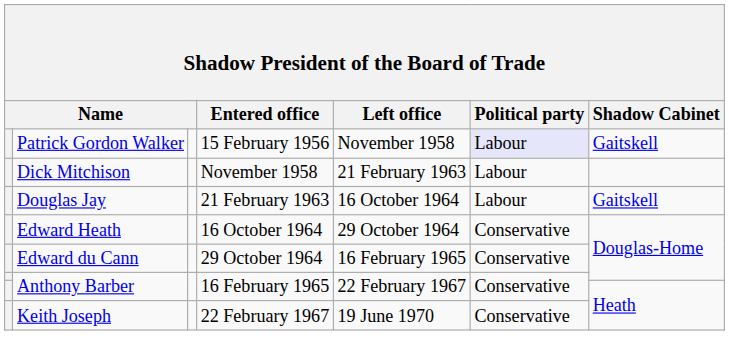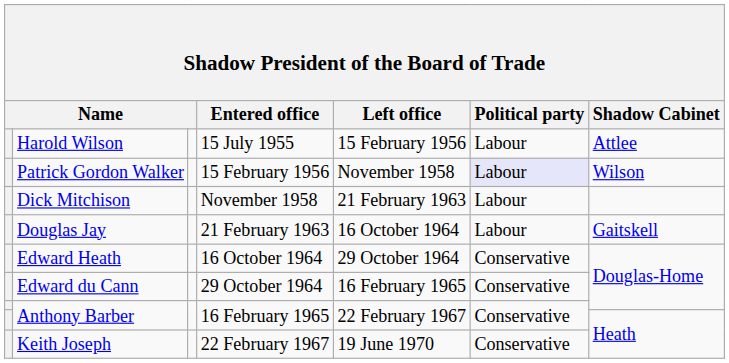 <table class="wikitable">
 <tr>
 <th colspan=7><br><h3>Shadow President of the Board of Trade</h3></th>
 </tr>
 <tr>
 <th colspan=3>Name</th>
 <th>Entered office</th>
 <th>Left office</th>
 <th>Political party</th>
 <th>Shadow Cabinet</th>
 </tr>
 <tr>
 <th style="background-color: "></th>
+<td><a href='#'>Harold Wilson</a></td>
+<td></td>
+<td>15 July 1955</td>
+<td>15 February 1956</td>
+<td>Labour</td>
+<td><a href='#'>Attlee</a></td>
+</tr>
+<tr>
+<th style="background-color: "></th>
 <td><a href='#'>Patrick Gordon Walker</a></td>
 <td></td>
 <td>15 February 1956</td>
 <td>November 1958</td>
 <td style="background: lavender;">Labour</td>
-<td><a href='#'>Gaitskell</a></td>
+<td><a href='#'>Wilson</a></td>
 </tr>
 <tr>
 <th style="background-color: "></th>
 <td><a href='#'>Dick Mitchison</a></td>
 <td></td>
 <td>November 1958</td>
 <td>21 February 1963</td>
 <td>Labour</td>
 </tr>
 <tr>
 <th style="background-color: "></th>
 <td><a href='#'>Douglas Jay</a></td>
 <td></td>
 <td>21 February 1963</td>
 <td>16 October 1964</td>
 <td>Labour</td>
 <td><a href='#'>Gaitskell</a></td>
 </tr>
 <tr>
 <th style="background-color: "></th>
 <td><a href='#'>Edward Heath</a></td>
 <td></td>
 <td>16 October 1964</td>
 <td>29 October 1964</td>
 <td>Conservative</td>
 <td rowspan=3 ><a href='#'>Douglas-Home</a></td>
 </tr>
 <tr>
 <th style="background-color: "></th>
 <td><a href='#'>Edward du Cann</a></td>
 <td></td>
 <td>29 October 1964</td>
 <td>16 February 1965</td>
 <td>Conservative</td>
 </tr>
 <tr>
 <th style="background-color: "></th>
 <td rowspan=2><a href='#'>Anthony Barber</a></td>
 <td rowspan=2></td>
 <td rowspan=2>16 February 1965</td>
 <td rowspan=2>22 February 1967</td>
 <td rowspan=2>Conservative</td>
 </tr>
 <tr>
 <th style="background-color: "></th>
 <td rowspan=2 ><a href='#'>Heath</a></td>
 </tr>
 <tr>
 <th style="background-color: "></th>
 <td><a href='#'>Keith Joseph</a></td>
 <td></td>
 <td>22 February 1967</td>
 <td>19 June 1970</td>
 <td>Conservative</td>
 </tr>
 </table>
